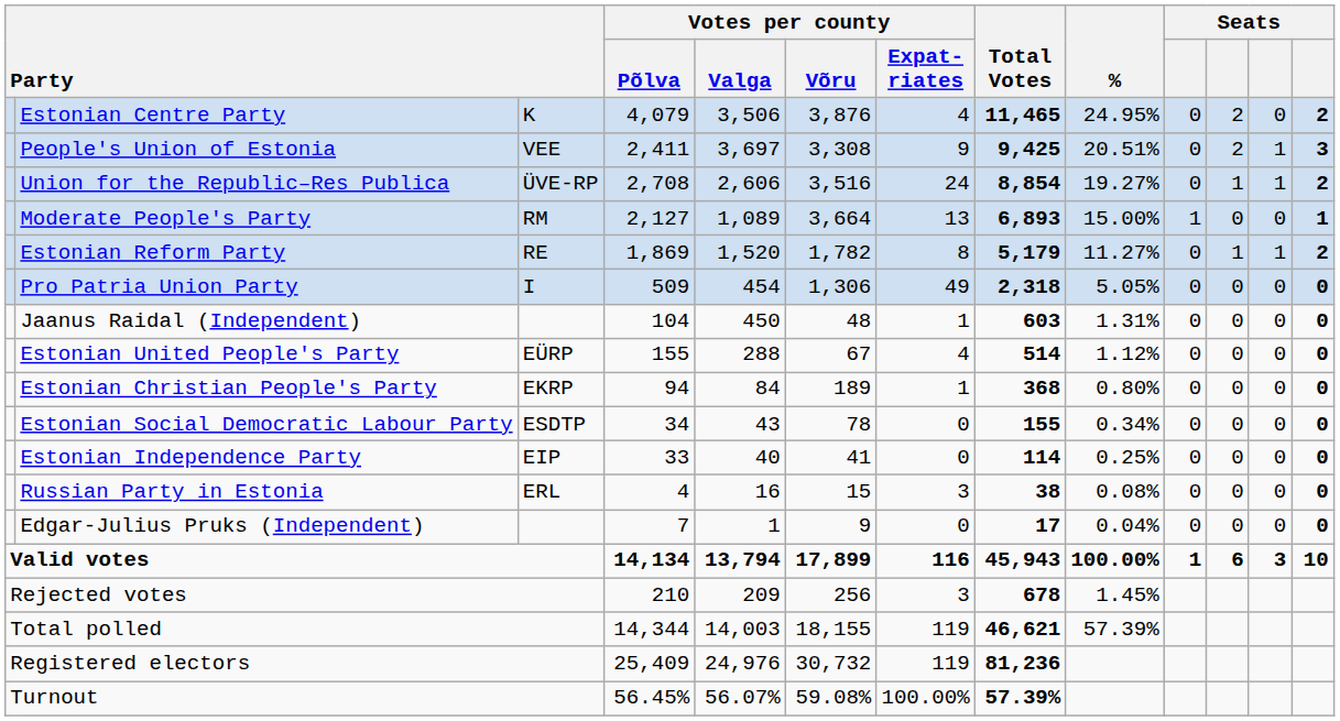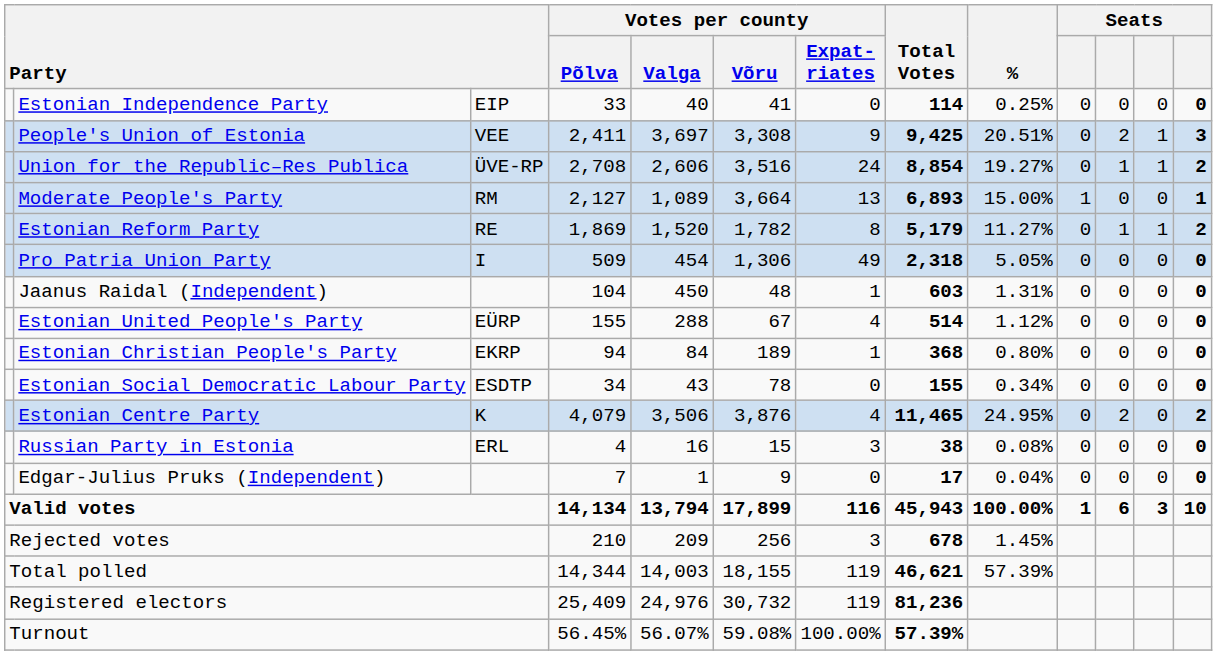 <table class="wikitable" border="1" style="text-align:right;">
 <tr>
 <th style="text-align:left;" valign=bottom rowspan=2 colspan=3>Party</th>
 <th colspan=4>Votes per county</th>
 <th align=center valign=bottom rowspan=2 width="50">Total Votes</th>
 <th align=center valign=bottom rowspan=2 width="50">%</th>
 <th colspan=4>Seats</th>
 </tr>
 <tr>
 <th align=center valign=bottom width="50"><a href='#'>Põlva</a></th>
 <th align=center valign=bottom width="50"><a href='#'>Valga</a></th>
 <th align=center valign=bottom width="50"><a href='#'>Võru</a></th>
 <th align=center valign=bottom width="50"><a href='#'>Expat- riates</a></th>
 <th align=center valign=bottom width="20"><small></small></th>
 <th align=center valign=bottom width="20"><small></small></th>
 <th align=center valign=bottom width="20"><small></small></th>
 <th align=center valign=bottom width="20"><small></small></th>
 </tr>
-<tr style="background:#CEE0F2;">
+<tr>
 <td style="background:"></td>
-<td align=left><a href='#'>Estonian Centre Party</a></td>
-<td align=left>K</td>
-<td>4,079</td>
-<td>3,506</td>
-<td>3,876</td>
-<td>4</td>
-<td><strong>11,465</strong></td>
-<td>24.95%</td>
+<td align=left><a href='#'>Estonian Independence Party</a></td>
+<td align=left>EIP</td>
+<td>33</td>
+<td>40</td>
+<td>41</td>
 <td>0</td>
-<td>2</td>
+<td><strong>114</strong></td>
+<td>0.25%</td>
 <td>0</td>
-<td><strong>2</strong></td>
+<td>0</td>
+<td>0</td>
+<td><strong>0</strong></td>
 </tr>
 <tr style="background:#CEE0F2;">
 <td style="background:"></td>
 <td align=left><a href='#'>People's Union of Estonia</a></td>
 <td align=left>VEE</td>
 <td>2,411</td>
 <td>3,697</td>
 <td>3,308</td>
 <td>9</td>
 <td><strong>9,425</strong></td>
 <td>20.51%</td>
 <td>0</td>
 <td>2</td>
 <td>1</td>
 <td><strong>3</strong></td>
 </tr>
 <tr style="background:#CEE0F2;">
 <td style="background:"></td>
 <td align=left><a href='#'>Union for the Republic–Res Publica</a></td>
 <td align=left>ÜVE-RP</td>
 <td>2,708</td>
 <td>2,606</td>
 <td>3,516</td>
 <td>24</td>
 <td><strong>8,854</strong></td>
 <td>19.27%</td>
 <td>0</td>
 <td>1</td>
 <td>1</td>
 <td><strong>2</strong></td>
 </tr>
 <tr style="background:#CEE0F2;">
 <td style="background:"></td>
 <td align=left><a href='#'>Moderate People's Party</a></td>
 <td align=left>RM</td>
 <td>2,127</td>
 <td>1,089</td>
 <td>3,664</td>
 <td>13</td>
 <td><strong>6,893</strong></td>
 <td>15.00%</td>
 <td>1</td>
 <td>0</td>
 <td>0</td>
 <td><strong>1</strong></td>
 </tr>
 <tr style="background:#CEE0F2;">
 <td style="background:"></td>
 <td align=left><a href='#'>Estonian Reform Party</a></td>
 <td align=left>RE</td>
 <td>1,869</td>
 <td>1,520</td>
 <td>1,782</td>
 <td>8</td>
 <td><strong>5,179</strong></td>
 <td>11.27%</td>
 <td>0</td>
 <td>1</td>
 <td>1</td>
 <td><strong>2</strong></td>
 </tr>
 <tr style="background:#CEE0F2;">
 <td style="background:"></td>
 <td align=left><a href='#'>Pro Patria Union Party</a></td>
 <td align=left>I</td>
 <td>509</td>
 <td>454</td>
 <td>1,306</td>
 <td>49</td>
 <td><strong>2,318</strong></td>
 <td>5.05%</td>
 <td>0</td>
 <td>0</td>
 <td>0</td>
 <td><strong>0</strong></td>
 </tr>
 <tr>
 <td style="background:"></td>
 <td align=left>Jaanus Raidal (<a href='#'>Independent</a>)</td>
 <td></td>
 <td>104</td>
 <td>450</td>
 <td>48</td>
 <td>1</td>
 <td><strong>603</strong></td>
 <td>1.31%</td>
 <td>0</td>
 <td>0</td>
 <td>0</td>
 <td><strong>0</strong></td>
 </tr>
 <tr>
 <td style="background:"></td>
 <td align=left><a href='#'>Estonian United People's Party</a></td>
 <td align=left>EÜRP</td>
 <td>155</td>
 <td>288</td>
 <td>67</td>
 <td>4</td>
 <td><strong>514</strong></td>
 <td>1.12%</td>
 <td>0</td>
 <td>0</td>
 <td>0</td>
 <td><strong>0</strong></td>
 </tr>
 <tr>
 <td style="background:"></td>
 <td align=left><a href='#'>Estonian Christian People's Party</a></td>
 <td align=left>EKRP</td>
 <td>94</td>
 <td>84</td>
 <td>189</td>
 <td>1</td>
 <td><strong>368</strong></td>
 <td>0.80%</td>
 <td>0</td>
 <td>0</td>
 <td>0</td>
 <td><strong>0</strong></td>
 </tr>
 <tr>
 <td style="background:"></td>
 <td align=left><a href='#'>Estonian Social Democratic Labour Party</a></td>
 <td align=left>ESDTP</td>
 <td>34</td>
 <td>43</td>
 <td>78</td>
 <td>0</td>
 <td><strong>155</strong></td>
 <td>0.34%</td>
 <td>0</td>
 <td>0</td>
 <td>0</td>
 <td><strong>0</strong></td>
 </tr>
-<tr>
+<tr style="background:#CEE0F2;">
 <td style="background:"></td>
-<td align=left><a href='#'>Estonian Independence Party</a></td>
-<td align=left>EIP</td>
-<td>33</td>
-<td>40</td>
-<td>41</td>
+<td align=left><a href='#'>Estonian Centre Party</a></td>
+<td align=left>K</td>
+<td>4,079</td>
+<td>3,506</td>
+<td>3,876</td>
+<td>4</td>
+<td><strong>11,465</strong></td>
+<td>24.95%</td>
 <td>0</td>
-<td><strong>114</strong></td>
-<td>0.25%</td>
+<td>2</td>
 <td>0</td>
-<td>0</td>
-<td>0</td>
-<td><strong>0</strong></td>
+<td><strong>2</strong></td>
 </tr>
 <tr>
 <td></td>
 <td align=left><a href='#'>Russian Party in Estonia</a></td>
 <td align=left>ERL</td>
 <td>4</td>
 <td>16</td>
 <td>15</td>
 <td>3</td>
 <td><strong>38</strong></td>
 <td>0.08%</td>
 <td>0</td>
 <td>0</td>
 <td>0</td>
 <td><strong>0</strong></td>
 </tr>
 <tr>
 <td style="background:"></td>
 <td align=left>Edgar-Julius Pruks (<a href='#'>Independent</a>)</td>
 <td></td>
 <td>7</td>
 <td>1</td>
 <td>9</td>
 <td>0</td>
 <td><strong>17</strong></td>
 <td>0.04%</td>
 <td>0</td>
 <td>0</td>
 <td>0</td>
 <td><strong>0</strong></td>
 </tr>
 <tr style="font-weight:bold">
 <td align=left colspan=3>Valid votes</td>
 <td>14,134</td>
 <td>13,794</td>
 <td>17,899</td>
 <td>116</td>
 <td>45,943</td>
 <td>100.00%</td>
 <td>1</td>
 <td>6</td>
 <td>3</td>
 <td>10</td>
 </tr>
 <tr>
 <td align=left colspan=3>Rejected votes</td>
 <td>210</td>
 <td>209</td>
 <td>256</td>
 <td>3</td>
 <td><strong>678</strong></td>
 <td>1.45%</td>
 <td></td>
 <td></td>
 <td></td>
 <td></td>
 </tr>
 <tr>
 <td align=left colspan=3>Total polled</td>
 <td>14,344</td>
 <td>14,003</td>
 <td>18,155</td>
 <td>119</td>
 <td><strong>46,621</strong></td>
 <td>57.39%</td>
 <td></td>
 <td></td>
 <td></td>
 <td></td>
 </tr>
 <tr>
 <td align=left colspan=3>Registered electors</td>
 <td>25,409</td>
 <td>24,976</td>
 <td>30,732</td>
 <td>119</td>
 <td><strong>81,236</strong></td>
 <td></td>
 <td></td>
 <td></td>
 <td></td>
 <td></td>
 </tr>
 <tr>
 <td align=left colspan=3>Turnout</td>
 <td>56.45%</td>
 <td>56.07%</td>
 <td>59.08%</td>
 <td>100.00%</td>
 <td><strong>57.39%</strong></td>
 <td></td>
 <td></td>
 <td></td>
 <td></td>
 <td></td>
 </tr>
 </table>
